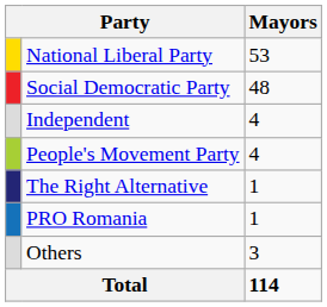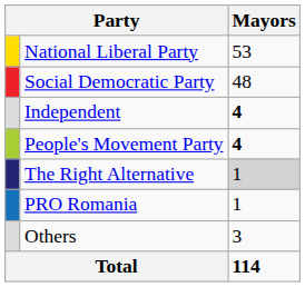 <table class="wikitable">
 <tr>
 <th colspan="2">Party</th>
 <th>Mayors</th>
 </tr>
 <tr>
 <td style="background:#ffdd00;" width="5"></td>
 <td><a href='#'>National Liberal Party</a></td>
 <td>53</td>
 </tr>
 <tr>
 <td style="background:#ed2128;" width="5"></td>
 <td><a href='#'>Social Democratic Party</a></td>
 <td>48</td>
 </tr>
 <tr>
 <td style="background:#dcdcdc;" width="5"></td>
 <td><a href='#'>Independent</a></td>
-<td>4</td>
+<td><strong>4</strong></td>
 </tr>
 <tr>
 <td style="background:#a7cf35;" width="5"></td>
 <td><a href='#'>People's Movement Party</a></td>
-<td>4</td>
+<td><strong>4</strong></td>
 </tr>
 <tr>
 <td style="background:#232575;" width="5"></td>
 <td><a href='#'>The Right Alternative</a></td>
-<td>1</td>
+<td style="background: lightgrey;">1</td>
 </tr>
 <tr>
 <td style="background:#1572ba;" width="5"></td>
 <td><a href='#'>PRO Romania</a></td>
 <td>1</td>
 </tr>
 <tr>
 <td style="background:#dcdcdc;" width="5"></td>
 <td>Others</td>
 <td>3</td>
 </tr>
 <tr>
 <th colspan="2">Total</th>
 <td><strong>114</strong></td>
 </tr>
 </table>
